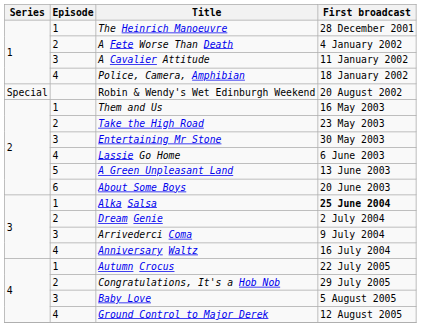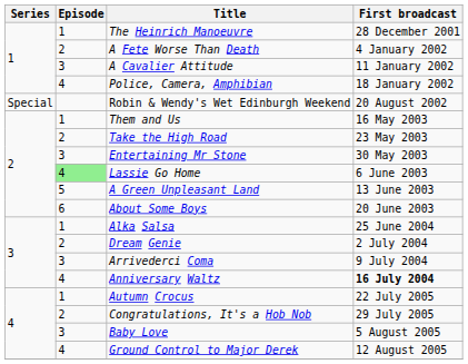 <table class="wikitable">
 <tr>
 <th>Series</th>
 <th>Episode</th>
 <th>Title</th>
 <th>First broadcast</th>
 </tr>
 <tr>
 <td rowspan="4">1</td>
 <td>1</td>
 <td><em>The <a href='#'>Heinrich Manoeuvre</a></em></td>
 <td>28 December 2001</td>
 </tr>
 <tr>
 <td>2</td>
 <td><em>A <a href='#'>Fete</a> Worse Than <a href='#'>Death</a></em></td>
 <td>4 January 2002</td>
 </tr>
 <tr>
 <td>3</td>
 <td><em>A <a href='#'>Cavalier</a> Attitude</em></td>
 <td>11 January 2002</td>
 </tr>
 <tr>
 <td>4</td>
 <td><em>Police, Camera, <a href='#'>Amphibian</a></em></td>
 <td>18 January 2002</td>
 </tr>
 <tr>
 <td>Special</td>
 <td></td>
 <td>Robin & Wendy's Wet Edinburgh Weekend</td>
 <td>20 August 2002</td>
 </tr>
 <tr>
 <td rowspan="6">2</td>
 <td>1</td>
 <td><em>Them and Us</em></td>
 <td>16 May 2003</td>
 </tr>
 <tr>
 <td>2</td>
 <td><em><a href='#'>Take the High Road</a></em></td>
 <td>23 May 2003</td>
 </tr>
 <tr>
 <td>3</td>
 <td><em><a href='#'>Entertaining Mr Stone</a></em></td>
 <td>30 May 2003</td>
 </tr>
 <tr>
-<td>4</td>
+<td style="background: lightgreen;">4</td>
 <td><em><a href='#'>Lassie</a> Go Home</em></td>
 <td>6 June 2003</td>
 </tr>
 <tr>
 <td>5</td>
 <td><em><a href='#'>A Green Unpleasant Land</a></em></td>
 <td>13 June 2003</td>
 </tr>
 <tr>
 <td>6</td>
 <td><em><a href='#'>About Some Boys</a></em></td>
 <td>20 June 2003</td>
 </tr>
 <tr>
 <td rowspan="4">3</td>
 <td>1</td>
 <td><em><a href='#'>Alka</a> <a href='#'>Salsa</a></em></td>
-<td><strong>25 June 2004</strong></td>
+<td>25 June 2004</td>
 </tr>
 <tr>
 <td>2</td>
 <td><em><a href='#'>Dream</a> <a href='#'>Genie</a></em></td>
 <td>2 July 2004</td>
 </tr>
 <tr>
 <td>3</td>
 <td><em>Arrivederci <a href='#'>Coma</a></em></td>
 <td>9 July 2004</td>
 </tr>
 <tr>
 <td>4</td>
 <td><em><a href='#'>Anniversary</a> <a href='#'>Waltz</a></em></td>
-<td>16 July 2004</td>
+<td><strong>16 July 2004</strong></td>
 </tr>
 <tr>
 <td rowspan="4">4</td>
 <td>1</td>
 <td><em><a href='#'>Autumn</a> <a href='#'>Crocus</a></em></td>
 <td>22 July 2005</td>
 </tr>
 <tr>
 <td>2</td>
 <td><em>Congratulations, It's a <a href='#'>Hob Nob</a></em></td>
 <td>29 July 2005</td>
 </tr>
 <tr>
 <td>3</td>
 <td><em><a href='#'>Baby Love</a></em></td>
 <td>5 August 2005</td>
 </tr>
 <tr>
 <td>4</td>
 <td><em><a href='#'>Ground Control to Major Derek</a></em></td>
 <td>12 August 2005</td>
 </tr>
 <tr>
 </tr>
 </table>
